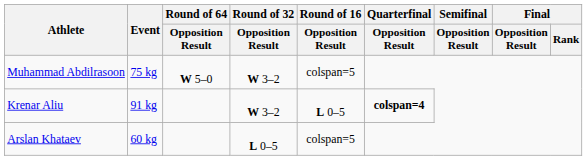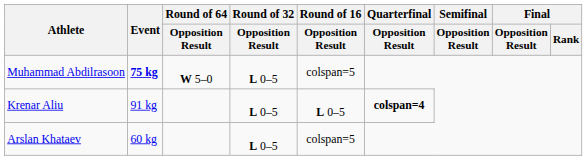 <table class=wikitable style=font-size:90%;text-align:center>
 <tr>
 <th rowspan=2>Athlete</th>
 <th rowspan=2>Event</th>
 <th>Round of 64</th>
 <th>Round of 32</th>
 <th>Round of 16</th>
 <th>Quarterfinal</th>
 <th>Semifinal</th>
 <th colspan=2>Final</th>
 </tr>
 <tr style=font-size:95%>
 <th>Opposition<br>Result</th>
 <th>Opposition<br>Result</th>
 <th>Opposition<br>Result</th>
 <th>Opposition<br>Result</th>
 <th>Opposition<br>Result</th>
 <th>Opposition<br>Result</th>
 <th>Rank</th>
 </tr>
 <tr>
 <td align="left"><a href='#'>Muhammad Abdilrasoon</a></td>
-<td align="left"><a href='#'>75 kg</a></td>
+<td align="left"><strong><a href='#'>75 kg</a></strong></td>
 <td><br> <strong>W</strong> 5–0</td>
-<td><br> <strong>W</strong> 3–2</td>
+<td><br> <strong>L</strong> 0–5</td>
 <td>colspan=5 </td>
 </tr>
 <tr>
 <td align="left"><a href='#'>Krenar Aliu</a></td>
 <td align="left"><a href='#'>91 kg</a></td>
 <td></td>
-<td><br> <strong>W</strong> 3–2</td>
+<td><br> <strong>L</strong> 0–5</td>
 <td><br> <strong>L</strong> 0–5</td>
 <td><strong>colspan=4 </strong></td>
 </tr>
 <tr>
 <td align="left"><a href='#'>Arslan Khataev</a></td>
 <td align="left"><a href='#'>60 kg</a></td>
 <td></td>
 <td><br> <strong>L</strong> 0–5</td>
 <td>colspan=5 </td>
 </tr>
 </table>
